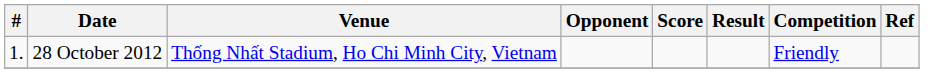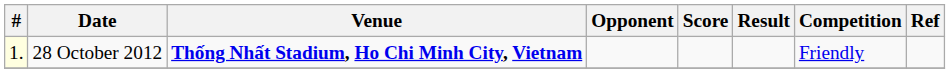 <table class="wikitable" style="font-size:95%;">
 <tr>
 <th>#</th>
 <th>Date</th>
 <th>Venue</th>
 <th>Opponent</th>
 <th>Score</th>
 <th>Result</th>
 <th>Competition</th>
 <th>Ref</th>
 </tr>
 <tr>
-<td>1.</td>
+<td style="background: lightyellow;">1.</td>
 <td>28 October 2012</td>
-<td><a href='#'>Thống Nhất Stadium</a>, <a href='#'>Ho Chi Minh City</a>, <a href='#'>Vietnam</a></td>
+<td><strong><a href='#'>Thống Nhất Stadium</a>, <a href='#'>Ho Chi Minh City</a>, <a href='#'>Vietnam</a></strong></td>
 <td></td>
 <td></td>
 <td></td>
 <td><a href='#'>Friendly</a></td>
 <td></td>
 </tr>
 <tr>
 </tr>
 </table>
